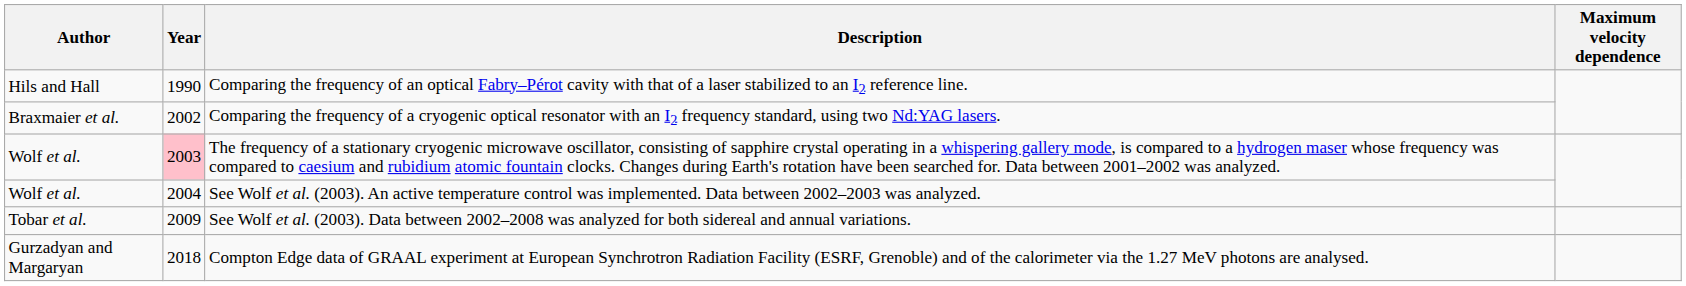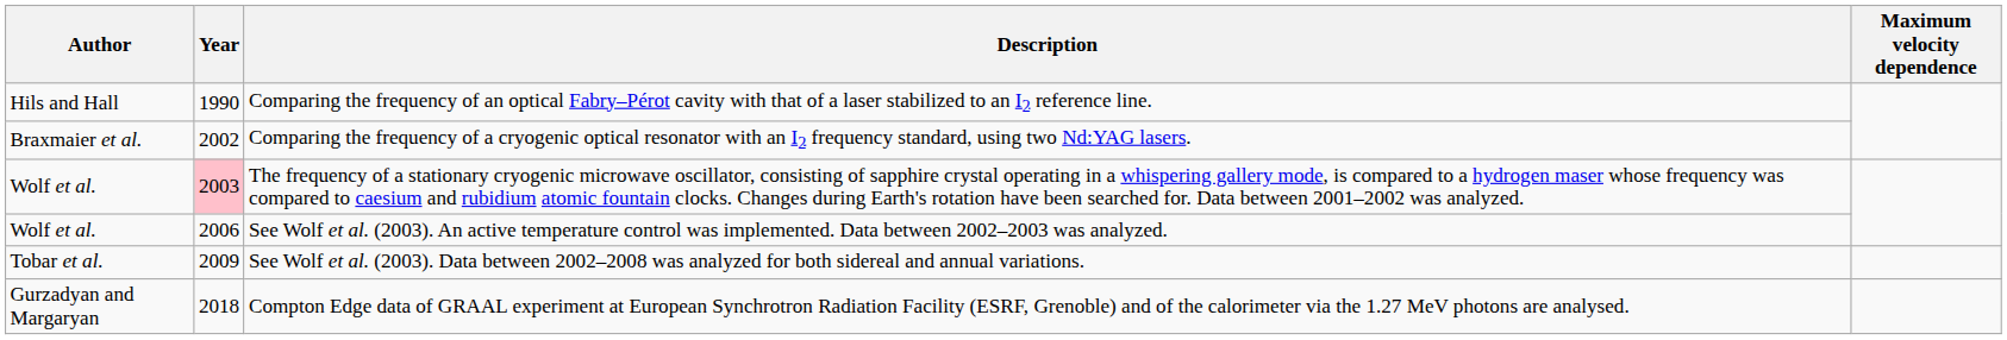 <table class=wikitable>
 <tr>
 <th>Author</th>
 <th>Year</th>
 <th>Description</th>
 <th>Maximum<br>velocity dependence</th>
 </tr>
 <tr>
 <td>Hils and Hall</td>
 <td>1990</td>
 <td>Comparing the frequency of an optical <a href='#'>Fabry–Pérot</a> cavity with that of a laser stabilized to an <a href='#'>I<sub>2</sub></a> reference line.</td>
 <td rowspan=2 style="text-align:center;"></td>
 </tr>
 <tr>
 <td nowrap="nowrap">Braxmaier <em>et al.</em></td>
 <td>2002</td>
 <td>Comparing the frequency of a cryogenic optical resonator with an <a href='#'>I<sub>2</sub></a> frequency standard, using two <a href='#'>Nd:YAG lasers</a>.</td>
 </tr>
 <tr>
 <td>Wolf <em>et al.</em></td>
 <td style="background: pink;">2003</td>
 <td>The frequency of a stationary cryogenic microwave oscillator, consisting of sapphire crystal operating in a <a href='#'>whispering gallery mode</a>, is compared to a <a href='#'>hydrogen maser</a> whose frequency was compared to <a href='#'>caesium</a> and <a href='#'>rubidium</a> <a href='#'>atomic fountain</a> clocks. Changes during Earth's rotation have been searched for. Data between 2001–2002 was analyzed.</td>
 <td rowspan=2 style="text-align:center;"></td>
 </tr>
 <tr>
 <td>Wolf <em>et al.</em></td>
-<td>2004</td>
+<td>2006</td>
 <td>See Wolf <em>et al.</em> (2003). An active temperature control was implemented. Data between 2002–2003 was analyzed.</td>
 </tr>
 <tr>
 <td>Tobar <em>et al.</em></td>
 <td>2009</td>
 <td>See Wolf <em>et al.</em> (2003). Data between 2002–2008 was analyzed for both sidereal and annual variations.</td>
 <td></td>
 </tr>
 <tr>
 <td>Gurzadyan and Margaryan </td>
 <td>2018</td>
 <td>Compton Edge data of GRAAL experiment at European Synchrotron Radiation Facility (ESRF, Grenoble) and of the calorimeter via the 1.27 MeV photons are analysed.</td>
 <td></td>
 </tr>
 </table>
